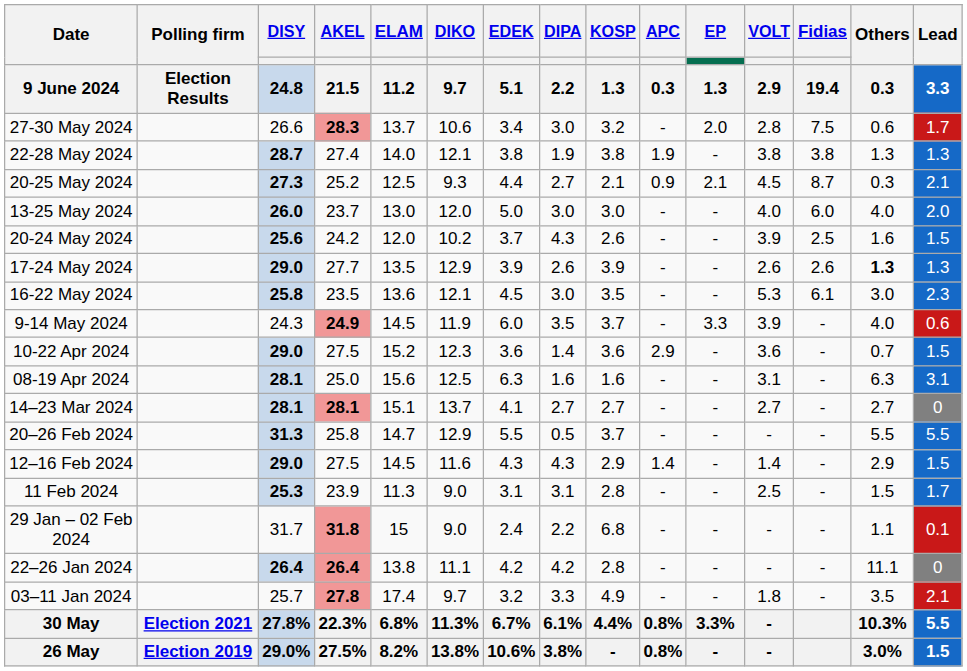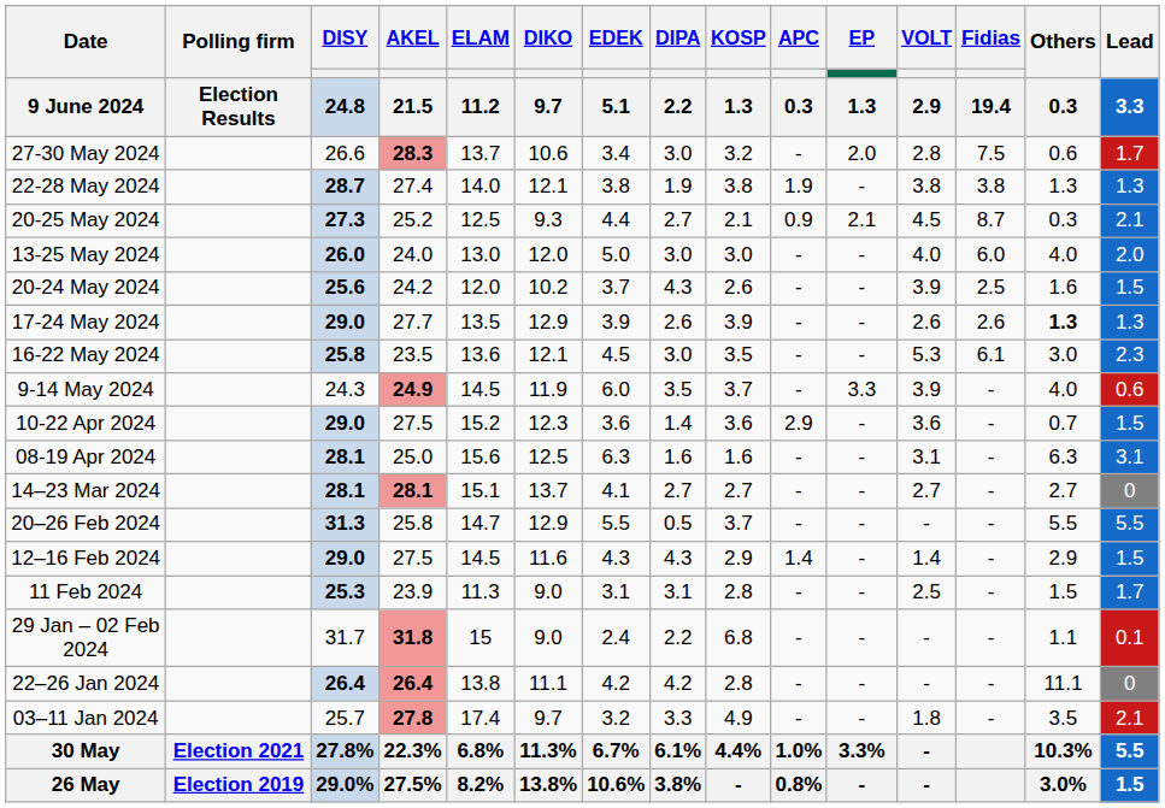 <table class="wikitable" style="text-align:center; font-size:85%; line-height:16px; margin-bottom:0">
 <tr style="height:42px; background:#e9e9e9;">
 <th style="width:100px;" rowspan="2">Date</th>
 <th style="width:90px;" rowspan="2">Polling firm</th>
 <th style="font-size:95%"><a href='#'>DISY</a><br></th>
 <th style="font-size:95%"><a href='#'>AKEL</a><br></th>
 <th><a href='#'>ELAM</a><br></th>
 <th style="font-size:95%"><a href='#'>DIKO</a><br></th>
 <th style="font-size:95%"><a href='#'>EDEK</a><br></th>
 <th style="font-size:95%"><a href='#'>DIPA</a><br></th>
 <th style="font-size:95%"><a href='#'>KOSP</a><br></th>
 <th style="font-size:95%"><a href='#'>APC</a><br></th>
 <th style="font-size:95%"><a href='#'>EP</a><br></th>
 <th style="font-size:95%"><a href='#'>VOLT</a><br></th>
 <th><a href='#'>Fidias</a><br></th>
 <th rowspan="2" style="width:40px;">Others</th>
 <th style="width:30px;" rowspan="2">Lead</th>
 </tr>
 <tr>
 <th style="background:"></th>
 <th style="background:"></th>
 <th style="background:"></th>
 <th style="background:"></th>
 <th style="background:"></th>
 <th style="background:"></th>
 <th style="background:"></th>
 <th style="background:"></th>
 <th style="background:#056E50; width:40px;"></th>
 <th style="background:"></th>
 <th style="background:"></th>
 </tr>
 <tr>
 <th>9 June 2024</th>
 <th>Election Results</th>
 <td style="background:#C8D9EC"><strong>24.8</strong></td>
 <th>21.5</th>
 <th>11.2</th>
 <th>9.7</th>
 <th>5.1</th>
 <th>2.2</th>
 <th>1.3</th>
 <th>0.3</th>
 <th>1.3</th>
 <th>2.9</th>
 <th>19.4</th>
 <th>0.3</th>
 <th style="background:#1569C7; color:white;">3.3</th>
 </tr>
 <tr>
 <td>27-30 May 2024</td>
 <td></td>
 <td>26.6</td>
 <td style="background:#F19797"><strong>28.3</strong></td>
 <td>13.7</td>
 <td>10.6</td>
 <td>3.4</td>
 <td>3.0</td>
 <td>3.2</td>
 <td>-</td>
 <td>2.0</td>
 <td>2.8</td>
 <td>7.5</td>
 <td>0.6</td>
 <td style="background:#C91818; color:white;">1.7</td>
 </tr>
 <tr>
 <td>22-28 May 2024</td>
 <td></td>
 <td style="background:#C8D9EC"><strong>28.7</strong></td>
 <td>27.4</td>
 <td>14.0</td>
 <td>12.1</td>
 <td>3.8</td>
 <td>1.9</td>
 <td>3.8</td>
 <td>1.9</td>
 <td>-</td>
 <td>3.8</td>
 <td>3.8</td>
 <td>1.3</td>
 <td style="background:#1569C7; color:white;">1.3</td>
 </tr>
 <tr>
 <td>20-25 May 2024</td>
 <td></td>
 <td style="background:#C8D9EC"><strong>27.3</strong></td>
 <td>25.2</td>
 <td>12.5</td>
 <td>9.3</td>
 <td>4.4</td>
 <td>2.7</td>
 <td>2.1</td>
 <td>0.9</td>
 <td>2.1</td>
 <td>4.5</td>
 <td>8.7</td>
 <td>0.3</td>
 <td style="background:#1569C7; color:white;">2.1</td>
 </tr>
 <tr>
 <td>13-25 May 2024</td>
 <td></td>
 <td style="background:#C8D9EC"><strong>26.0</strong></td>
-<td>23.7</td>
+<td>24.0</td>
 <td>13.0</td>
 <td>12.0</td>
 <td>5.0</td>
 <td>3.0</td>
 <td>3.0</td>
 <td>-</td>
 <td>-</td>
 <td>4.0</td>
 <td>6.0</td>
 <td>4.0</td>
 <td style="background:#1569C7; color:white;">2.0</td>
 </tr>
 <tr>
 <td>20-24 May 2024</td>
 <td></td>
 <td style="background:#C8D9EC"><strong>25.6</strong></td>
 <td>24.2</td>
 <td>12.0</td>
 <td>10.2</td>
 <td>3.7</td>
 <td>4.3</td>
 <td>2.6</td>
 <td>-</td>
 <td>-</td>
 <td>3.9</td>
 <td>2.5</td>
 <td>1.6</td>
 <td style="background:#1569C7; color:white;">1.5</td>
 </tr>
 <tr>
 <td>17-24 May 2024</td>
 <td></td>
 <td style="background:#C8D9EC"><strong>29.0</strong></td>
 <td>27.7</td>
 <td>13.5</td>
 <td>12.9</td>
 <td>3.9</td>
 <td>2.6</td>
 <td>3.9</td>
 <td>-</td>
 <td>-</td>
 <td>2.6</td>
 <td>2.6</td>
 <td><strong>1.3</strong></td>
 <td style="background:#1569C7; color:white;">1.3</td>
 </tr>
 <tr>
 <td>16-22 May 2024</td>
 <td></td>
 <td style="background:#C8D9EC"><strong>25.8</strong></td>
 <td>23.5</td>
 <td>13.6</td>
 <td>12.1</td>
 <td>4.5</td>
 <td>3.0</td>
 <td>3.5</td>
 <td>-</td>
 <td>-</td>
 <td>5.3</td>
 <td>6.1</td>
 <td>3.0</td>
 <td style="background:#1569C7; color:white;">2.3</td>
 </tr>
 <tr>
 <td>9-14 May 2024</td>
 <td></td>
 <td>24.3</td>
 <td style="background:#F19797"><strong>24.9</strong></td>
 <td>14.5</td>
 <td>11.9</td>
 <td>6.0</td>
 <td>3.5</td>
 <td>3.7</td>
 <td>-</td>
 <td>3.3</td>
 <td>3.9</td>
 <td>-</td>
 <td>4.0</td>
 <td style="background:#C91818; color:white;">0.6</td>
 </tr>
 <tr>
 <td>10-22 Apr 2024</td>
 <td></td>
 <td style="background:#C8D9EC"><strong>29.0</strong></td>
 <td>27.5</td>
 <td>15.2</td>
 <td>12.3</td>
 <td>3.6</td>
 <td>1.4</td>
 <td>3.6</td>
 <td>2.9</td>
 <td>-</td>
 <td>3.6</td>
 <td>-</td>
 <td>0.7</td>
 <td style="background:#1569C7; color:white;">1.5</td>
 </tr>
 <tr>
 <td>08-19 Apr 2024</td>
 <td></td>
 <td style="background:#C8D9EC"><strong>28.1</strong></td>
 <td>25.0</td>
 <td>15.6</td>
 <td>12.5</td>
 <td>6.3</td>
 <td>1.6</td>
 <td>1.6</td>
 <td>-</td>
 <td>-</td>
 <td>3.1</td>
 <td>-</td>
 <td>6.3</td>
 <td style="background:#1569C7; color:white;">3.1</td>
 </tr>
 <tr>
 <td>14–23 Mar 2024</td>
 <td></td>
 <td style="background:#C8D9EC"><strong>28.1</strong></td>
 <td style="background:#F19797"><strong>28.1</strong></td>
 <td>15.1</td>
 <td>13.7</td>
 <td>4.1</td>
 <td>2.7</td>
 <td>2.7</td>
 <td>-</td>
 <td>-</td>
 <td>2.7</td>
 <td>-</td>
 <td>2.7</td>
 <td style="background:grey; color:white;">0</td>
 </tr>
 <tr>
 <td>20–26 Feb 2024</td>
 <td></td>
 <td style="background:#C8D9EC"><strong>31.3</strong></td>
 <td>25.8</td>
 <td>14.7</td>
 <td>12.9</td>
 <td>5.5</td>
 <td>0.5</td>
 <td>3.7</td>
 <td>-</td>
 <td>-</td>
 <td>-</td>
 <td>-</td>
 <td>5.5</td>
 <td style="background:#1569C7; color:white;">5.5</td>
 </tr>
 <tr>
 <td>12–16 Feb 2024</td>
 <td></td>
 <td style="background:#C8D9EC"><strong>29.0</strong></td>
 <td>27.5</td>
 <td>14.5</td>
 <td>11.6</td>
 <td>4.3</td>
 <td>4.3</td>
 <td>2.9</td>
 <td>1.4</td>
 <td>-</td>
 <td>1.4</td>
 <td>-</td>
 <td>2.9</td>
 <td style="background:#1569C7; color:white;">1.5</td>
 </tr>
 <tr>
 <td>11 Feb 2024</td>
 <td></td>
 <td style="background:#C8D9EC"><strong>25.3</strong></td>
 <td>23.9</td>
 <td>11.3</td>
 <td>9.0</td>
 <td>3.1</td>
 <td>3.1</td>
 <td>2.8</td>
 <td>-</td>
 <td>-</td>
 <td>2.5</td>
 <td>-</td>
 <td>1.5</td>
 <td style="background:#1569C7; color:white;">1.7</td>
 </tr>
 <tr>
 <td>29 Jan – 02 Feb 2024</td>
 <td></td>
 <td>31.7</td>
 <td style="background:#F19797"><strong>31.8</strong></td>
 <td>15</td>
 <td>9.0</td>
 <td>2.4</td>
 <td>2.2</td>
 <td>6.8</td>
 <td>-</td>
 <td>-</td>
 <td>-</td>
 <td>-</td>
 <td>1.1</td>
 <td style="background:#C91818; color:white;">0.1</td>
 </tr>
 <tr>
 <td>22–26 Jan 2024</td>
 <td></td>
 <td style="background:#C8D9EC"><strong>26.4</strong></td>
 <td style="background:#F19797"><strong>26.4</strong></td>
 <td>13.8</td>
 <td>11.1</td>
 <td>4.2</td>
 <td>4.2</td>
 <td>2.8</td>
 <td>-</td>
 <td>-</td>
 <td>-</td>
 <td>-</td>
 <td>11.1</td>
 <td style="background:grey; color:white;">0</td>
 </tr>
 <tr>
 <td>03–11 Jan 2024</td>
 <td></td>
 <td>25.7</td>
 <td style="background:#F19797"><strong>27.8</strong></td>
 <td>17.4</td>
 <td>9.7</td>
 <td>3.2</td>
 <td>3.3</td>
 <td>4.9</td>
 <td>-</td>
 <td>-</td>
 <td>1.8</td>
 <td>-</td>
 <td>3.5</td>
 <td style="background:#C91818; color:white;">2.1</td>
 </tr>
 <tr>
 <th>30 May</th>
 <th><a href='#'>Election 2021</a></th>
 <td style="background:#C8D9EC"><strong>27.8%</strong></td>
 <th>22.3%</th>
 <th>6.8%</th>
 <th>11.3%</th>
 <th>6.7%</th>
 <th>6.1%</th>
 <th>4.4%</th>
-<th>0.8%</th>
+<th>1.0%</th>
 <th>3.3%</th>
 <th>-</th>
 <th></th>
 <th>10.3%</th>
 <th style="background:#1569C7; color:white;">5.5</th>
 </tr>
 <tr>
 <th>26 May</th>
 <th><a href='#'>Election 2019</a></th>
 <td style="background:#C8D9EC"><strong>29.0%</strong></td>
 <th>27.5%</th>
 <th>8.2%</th>
 <th>13.8%</th>
 <th>10.6%</th>
 <th>3.8%</th>
 <th>-</th>
 <th>0.8%</th>
 <th>-</th>
 <th>-</th>
 <th></th>
 <th>3.0%</th>
 <th style="background:#1569C7; color:white;">1.5</th>
 </tr>
 </table>
